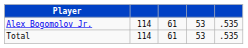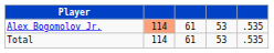 <table class="wikitable" style="text-align:center">
 <tr>
 <th style="background:#0141C5; color:white" width="200px">Player</th>
 <th style="background:#0141C5; color:white" width="40px"></th>
 <th style="background:#0141C5; color:white" width="40px"></th>
 <th style="background:#0141C5; color:white" width="40px"></th>
 <th style="background:#0141C5; color:white" width="40px"></th>
 </tr>
 <tr>
 <td style="text-align:left"><a href='#'>Alex Bogomolov Jr.</a></td>
-<td>114</td>
+<td style="background: lightsalmon;">114</td>
 <td>61</td>
 <td>53</td>
 <td>.535</td>
 </tr>
 <tr>
 <td style="text-align:left">Total</td>
 <td>114</td>
 <td>61</td>
 <td>53</td>
 <td>.535</td>
 </tr>
 </table>
